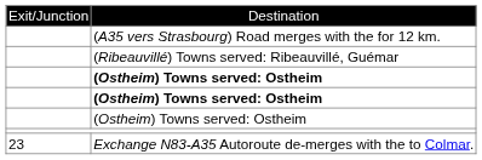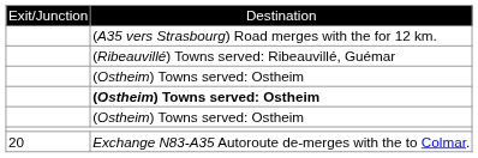 <table border=1 cellpadding=2 style="margin-left:1em; margin-bottom: 1em; color: black; border-collapse: collapse; font-size: 95%;">
 <tr align="center" bgcolor="000000" style="color: white">
 <td>Exit/Junction</td>
 <td>Destination</td>
 </tr>
 <tr>
 <td></td>
 <td>(<em>A35 vers Strasbourg</em>) Road merges with the <strong><em></em></strong> for 12 km.</td>
 </tr>
 <tr>
 <td></td>
 <td>(<em>Ribeauvillé</em>) Towns served: Ribeauvillé, Guémar</td>
 </tr>
 <tr>
 <td></td>
-<td><strong>(<em>Ostheim</em>) Towns served: Ostheim</strong></td>
+<td>(<em>Ostheim</em>) Towns served: Ostheim</td>
 </tr>
 <tr>
 <td></td>
 <td><strong>(<em>Ostheim</em>) Towns served: Ostheim</strong></td>
 </tr>
 <tr>
 <td></td>
 <td>(<em>Ostheim</em>) Towns served: Ostheim</td>
 </tr>
 <tr>
 <td colspan="2"></td>
 </tr>
 <tr>
-<td> 23</td>
+<td> 20</td>
 <td><em>Exchange N83-A35</em> Autoroute de-merges with the <strong><em></em></strong> to <a href='#'>Colmar</a>.</td>
 </tr>
 </table>
